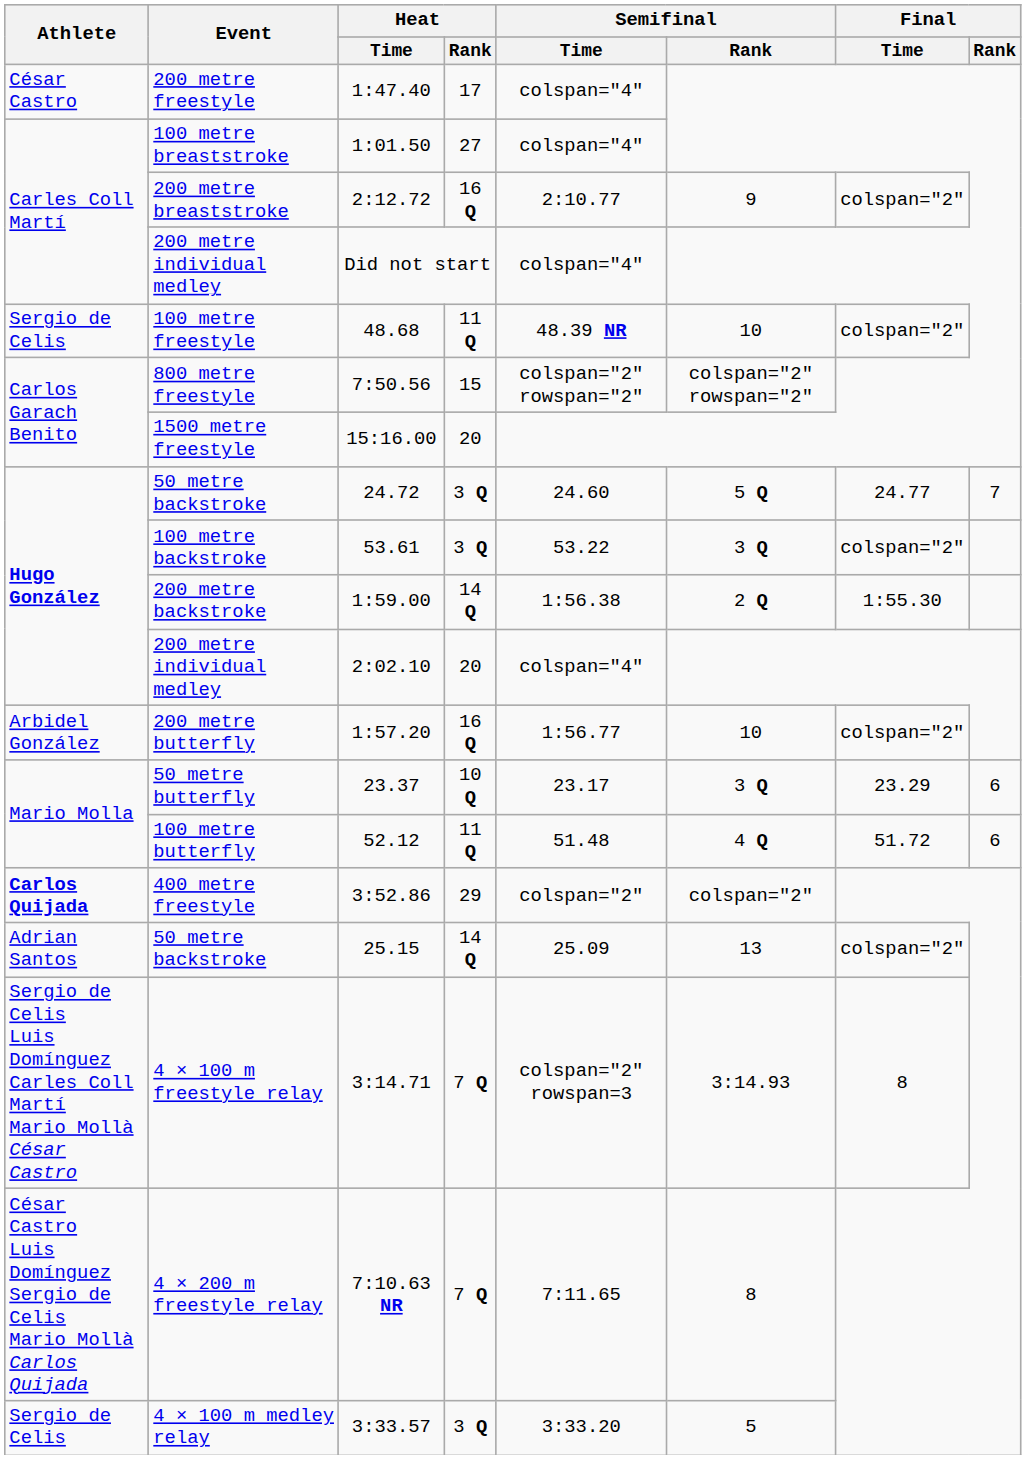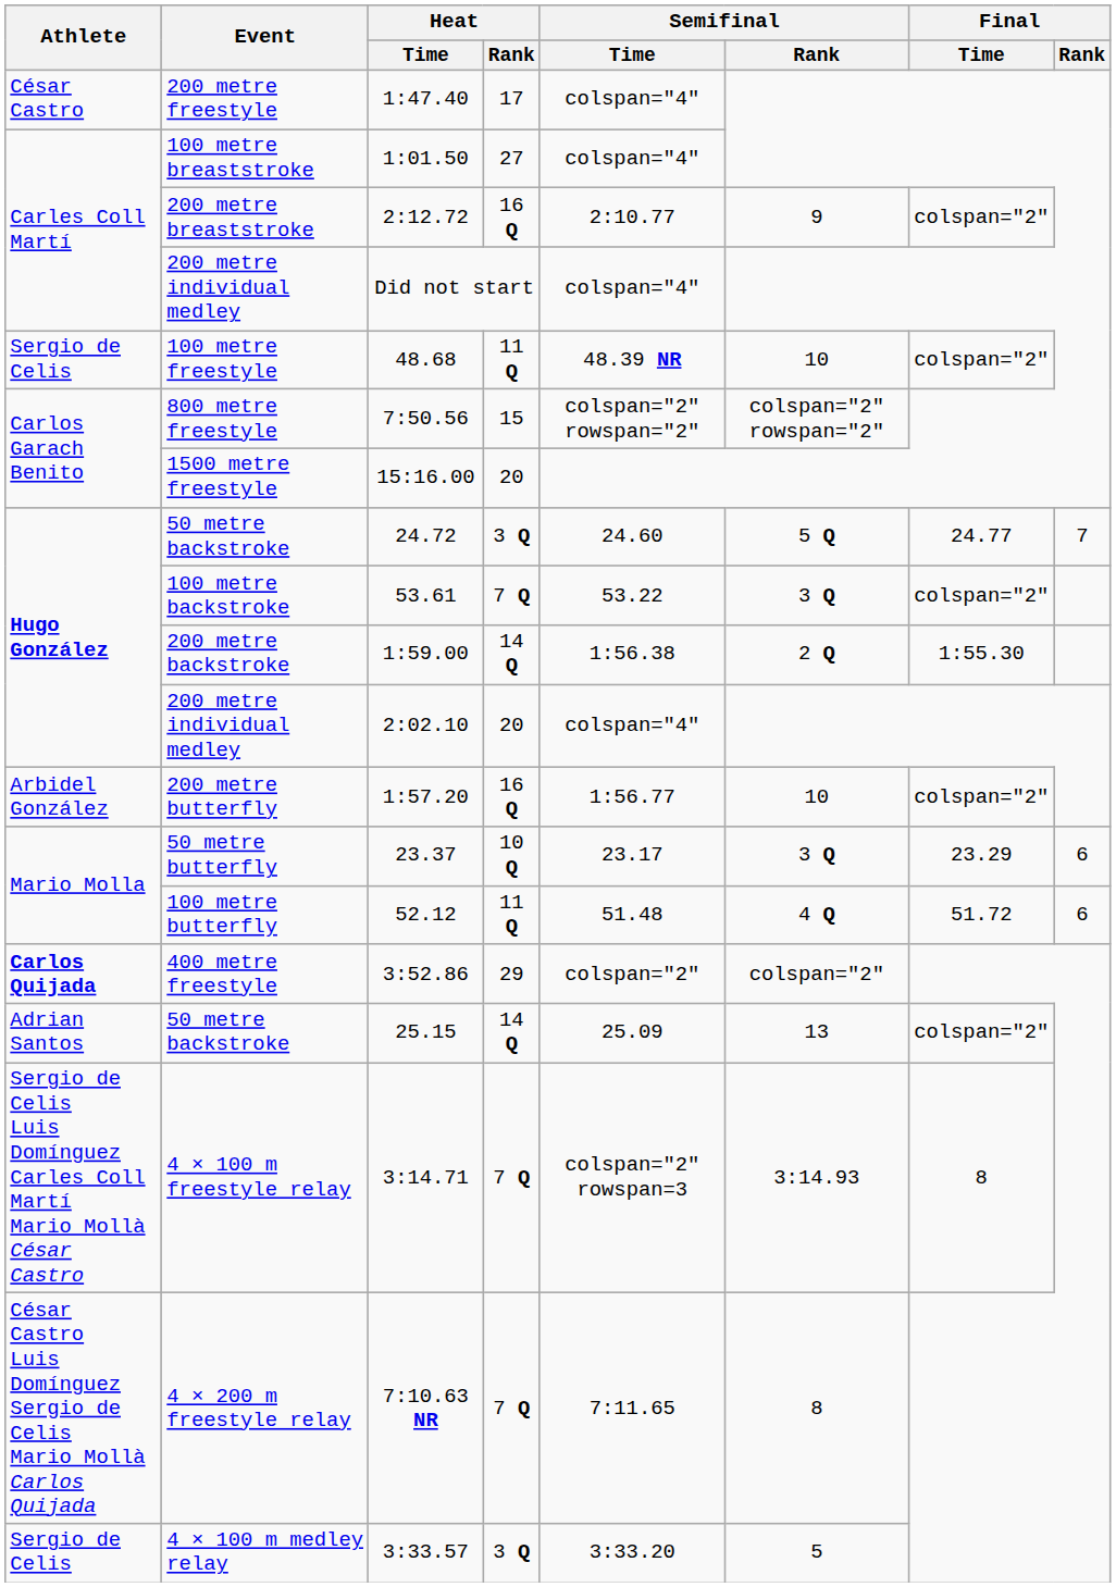 <table class="wikitable" style="text-align:center; font-size:90%; width:50%;">
 <tr>
 <th rowspan="2">Athlete</th>
 <th rowspan="2">Event</th>
 <th colspan="2">Heat</th>
 <th colspan="2">Semifinal</th>
 <th colspan="2">Final</th>
 </tr>
 <tr style="font-size:95%">
 <th>Time</th>
 <th>Rank</th>
 <th>Time</th>
 <th>Rank</th>
 <th>Time</th>
 <th>Rank</th>
 </tr>
 <tr align=center>
 <td align=left><a href='#'>César Castro</a></td>
 <td align=left><a href='#'>200 metre freestyle</a></td>
 <td>1:47.40</td>
 <td>17</td>
 <td>colspan="4" </td>
 </tr>
 <tr align=center>
 <td align=left rowspan="3"><a href='#'>Carles Coll Martí</a></td>
 <td align=left><a href='#'>100 metre breaststroke</a></td>
 <td>1:01.50</td>
 <td>27</td>
 <td>colspan="4" </td>
 </tr>
 <tr align=center>
 <td align=left><a href='#'>200 metre breaststroke</a></td>
 <td>2:12.72</td>
 <td>16 <strong>Q</strong></td>
 <td>2:10.77</td>
 <td>9</td>
 <td>colspan="2" </td>
 </tr>
 <tr align=center>
 <td align=left><a href='#'>200 metre individual medley</a></td>
 <td colspan="2">Did not start</td>
 <td>colspan="4" </td>
 </tr>
 <tr align=center>
 <td align=left><a href='#'>Sergio de Celis</a></td>
 <td align=left><a href='#'>100 metre freestyle</a></td>
 <td>48.68</td>
 <td>11 <strong>Q</strong></td>
 <td>48.39 <strong><a href='#'>NR</a></strong></td>
 <td>10</td>
 <td>colspan="2" </td>
 </tr>
 <tr align=center>
 <td align=left rowspan="2"><a href='#'>Carlos Garach Benito</a></td>
 <td align=left><a href='#'>800 metre freestyle</a></td>
 <td>7:50.56</td>
 <td>15</td>
 <td>colspan="2" rowspan="2" </td>
 <td>colspan="2" rowspan="2" </td>
 </tr>
 <tr align=center>
 <td align=left><a href='#'>1500 metre freestyle</a></td>
 <td>15:16.00</td>
 <td>20</td>
 </tr>
 <tr align=center>
 <td align=left rowspan="4"><strong><a href='#'>Hugo González</a></strong></td>
 <td align=left><a href='#'>50 metre backstroke</a></td>
 <td>24.72</td>
 <td>3 <strong>Q</strong></td>
 <td>24.60</td>
 <td>5 <strong>Q</strong></td>
 <td>24.77</td>
 <td>7</td>
 </tr>
 <tr align=center>
 <td align=left><a href='#'>100 metre backstroke</a></td>
 <td>53.61</td>
-<td>3 <strong>Q</strong></td>
+<td>7 <strong>Q</strong></td>
 <td>53.22</td>
 <td>3 <strong>Q</strong></td>
 <td>colspan="2"  </td>
 <td></td>
 </tr>
 <tr align=center>
 <td align=left><a href='#'>200 metre backstroke</a></td>
 <td>1:59.00</td>
 <td>14 <strong>Q</strong></td>
 <td>1:56.38</td>
 <td>2 <strong>Q</strong></td>
 <td>1:55.30</td>
 <td></td>
 </tr>
 <tr align=center>
 <td align=left><a href='#'>200 metre individual medley</a></td>
 <td>2:02.10</td>
 <td>20</td>
 <td>colspan="4"  </td>
 </tr>
 <tr align=center>
 <td align=left><a href='#'>Arbidel González</a></td>
 <td align=left><a href='#'>200 metre butterfly</a></td>
 <td>1:57.20</td>
 <td>16 <strong>Q</strong></td>
 <td>1:56.77</td>
 <td>10</td>
 <td>colspan="2"  </td>
 </tr>
 <tr align=center>
 <td align=left rowspan="2"><a href='#'>Mario Molla</a></td>
 <td align=left><a href='#'>50 metre butterfly</a></td>
 <td>23.37</td>
 <td>10 <strong>Q</strong></td>
 <td>23.17</td>
 <td>3 <strong>Q</strong></td>
 <td>23.29</td>
 <td>6</td>
 </tr>
 <tr align=center>
 <td align=left><a href='#'>100 metre butterfly</a></td>
 <td>52.12</td>
 <td>11 <strong>Q</strong></td>
 <td>51.48</td>
 <td>4 <strong>Q</strong></td>
 <td>51.72</td>
 <td>6</td>
 </tr>
 <tr align=center>
 <td align=left><strong><a href='#'>Carlos Quijada</a></strong></td>
 <td align=left><a href='#'>400 metre freestyle</a></td>
 <td>3:52.86</td>
 <td>29</td>
 <td>colspan="2"  </td>
 <td>colspan="2"  </td>
 </tr>
 <tr align=center>
 <td align=left><a href='#'>Adrian Santos</a></td>
 <td align=left><a href='#'>50 metre backstroke</a></td>
 <td>25.15</td>
 <td>14 <strong>Q</strong></td>
 <td>25.09</td>
 <td>13</td>
 <td>colspan="2"  </td>
 </tr>
 <tr>
 <td align=left><a href='#'>Sergio de Celis</a> <br><a href='#'>Luis Domínguez</a> <br><a href='#'>Carles Coll Martí</a><br><a href='#'>Mario Mollà</a><br><em><a href='#'>César Castro</a></em></td>
 <td align=left><a href='#'>4 × 100 m freestyle relay</a></td>
 <td>3:14.71</td>
 <td>7 <strong>Q</strong></td>
 <td>colspan="2" rowspan=3 </td>
 <td>3:14.93</td>
 <td>8</td>
 </tr>
 <tr>
 <td align=left><a href='#'>César Castro</a> <br><a href='#'>Luis Domínguez</a> <br><a href='#'>Sergio de Celis</a> <br><a href='#'>Mario Mollà</a><br><em><a href='#'>Carlos Quijada</a></em></td>
 <td align=left><a href='#'>4 × 200 m freestyle relay</a></td>
 <td>7:10.63 <strong><a href='#'>NR</a></strong></td>
 <td>7 <strong>Q</strong></td>
 <td>7:11.65</td>
 <td>8</td>
 </tr>
 <tr>
 <td align=left><a href='#'>Sergio de Celis</a></td>
 <td align=left><a href='#'>4 × 100 m medley relay</a></td>
 <td>3:33.57</td>
 <td>3 <strong>Q</strong></td>
 <td>3:33.20</td>
 <td>5</td>
 </tr>
 </table>
